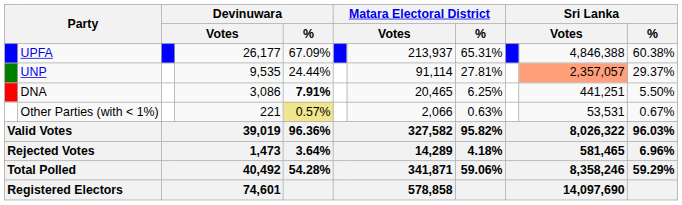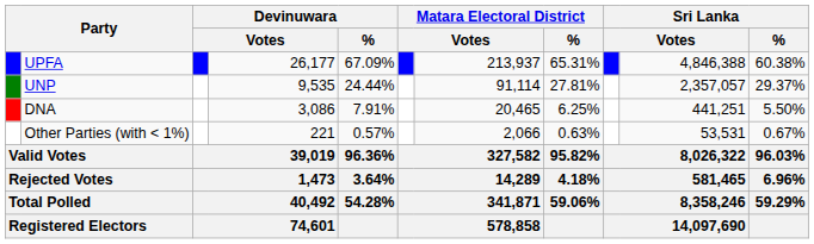 <table class="wikitable">
 <tr>
 <th colspan="2" width="144px"rowspan="2">Party</th>
 <th colspan="3" width="216px">Devinuwara</th>
 <th colspan="3" width="216px"><a href='#'>Matara Electoral District</a></th>
 <th colspan="3" width="216px">Sri Lanka</th>
 </tr>
 <tr>
 <th colspan="2" width="144px">Votes</th>
 <th>%</th>
 <th colspan="2" width="144px">Votes</th>
 <th>%</th>
 <th colspan="2" width="144px">Votes</th>
 <th>%</th>
 </tr>
 <tr>
 <td style="background-color:blue;" width="10px"></td>
 <td style="text-align:left;"><a href='#'>UPFA</a></td>
 <td style="background-color:blue;" width="10px"></td>
 <td style="text-align:right;">26,177</td>
 <td style="text-align:right;">67.09%</td>
 <td style="background-color:blue;" width="10px"></td>
 <td style="text-align:right;">213,937</td>
 <td style="text-align:right;">65.31%</td>
 <td style="background-color:blue;" width="10px"></td>
 <td style="text-align:right;">4,846,388</td>
 <td style="text-align:right;">60.38%</td>
 </tr>
 <tr>
 <td style="background-color:green;" width="10px"></td>
 <td style="text-align:left;"><a href='#'>UNP</a></td>
 <td style="background-color:white;" width="10px"></td>
 <td style="text-align:right;">9,535</td>
 <td style="text-align:right;">24.44%</td>
 <td style="background-color:white;" width="10px"></td>
 <td style="text-align:right;">91,114</td>
 <td style="text-align:right;">27.81%</td>
 <td style="background-color:white;" width="10px"></td>
-<td style="background: lightsalmon; text-align:right;">2,357,057</td>
+<td style="text-align:right;">2,357,057</td>
 <td style="text-align:right;">29.37%</td>
 </tr>
 <tr>
 <td style="background-color:red;" width="10px"></td>
 <td style="text-align:left;">DNA</td>
 <td style="background-color:white;" width="10px"></td>
 <td style="text-align:right;">3,086</td>
-<td style="text-align:right;"><strong>7.91%</strong></td>
+<td style="text-align:right;">7.91%</td>
 <td style="background-color:white;" width="10px"></td>
 <td style="text-align:right;">20,465</td>
 <td style="text-align:right;">6.25%</td>
 <td style="background-color:white;" width="10px"></td>
 <td style="text-align:right;">441,251</td>
 <td style="text-align:right;">5.50%</td>
 </tr>
 <tr>
 <td style="background-color:white;" width="10px"></td>
 <td style="text-align:left;">Other Parties (with < 1%)</td>
 <td style="background-color:white;" width="10px"></td>
 <td style="text-align:right;">221</td>
-<td style="background: khaki; text-align:right;">0.57%</td>
+<td style="text-align:right;">0.57%</td>
 <td style="background-color:white;" width="10px"></td>
 <td style="text-align:right;">2,066</td>
 <td style="text-align:right;">0.63%</td>
 <td style="background-color:white;" width="10px"></td>
 <td style="text-align:right;">53,531</td>
 <td style="text-align:right;">0.67%</td>
 </tr>
 <tr>
 <th colspan="2" width="144px"style="text-align:left;">Valid Votes</th>
 <th style="text-align:right;"colspan="2" width="144px">39,019</th>
 <th style="text-align:right;">96.36%</th>
 <th style="text-align:right;"colspan="2" width="144px">327,582</th>
 <th style="text-align:right;">95.82%</th>
 <th style="text-align:right;"colspan="2" width="144px">8,026,322</th>
 <th style="text-align:right;">96.03%</th>
 </tr>
 <tr>
 <th colspan="2" width="144px"style="text-align:left;">Rejected Votes</th>
 <th style="text-align:right;"colspan="2" width="144px">1,473</th>
 <th style="text-align:right;">3.64%</th>
 <th style="text-align:right;"colspan="2" width="144px">14,289</th>
 <th style="text-align:right;">4.18%</th>
 <th style="text-align:right;"colspan="2" width="144px">581,465</th>
 <th style="text-align:right;">6.96%</th>
 </tr>
 <tr>
 <th colspan="2" width="144px"style="text-align:left;">Total Polled</th>
 <th style="text-align:right;"colspan="2" width="144px">40,492</th>
 <th style="text-align:right;">54.28%</th>
 <th style="text-align:right;"colspan="2" width="144px">341,871</th>
 <th style="text-align:right;">59.06%</th>
 <th style="text-align:right;"colspan="2" width="144px">8,358,246</th>
 <th style="text-align:right;">59.29%</th>
 </tr>
 <tr>
 <th colspan="2" width="144px"style="text-align:left;">Registered Electors</th>
 <th style="text-align:right;"colspan="2" width="144px">74,601</th>
 <th></th>
 <th style="text-align:right;"colspan="2" width="144px">578,858</th>
 <th></th>
 <th style="text-align:right;"colspan="2" width="144px">14,097,690</th>
 <th></th>
 </tr>
 </table>
